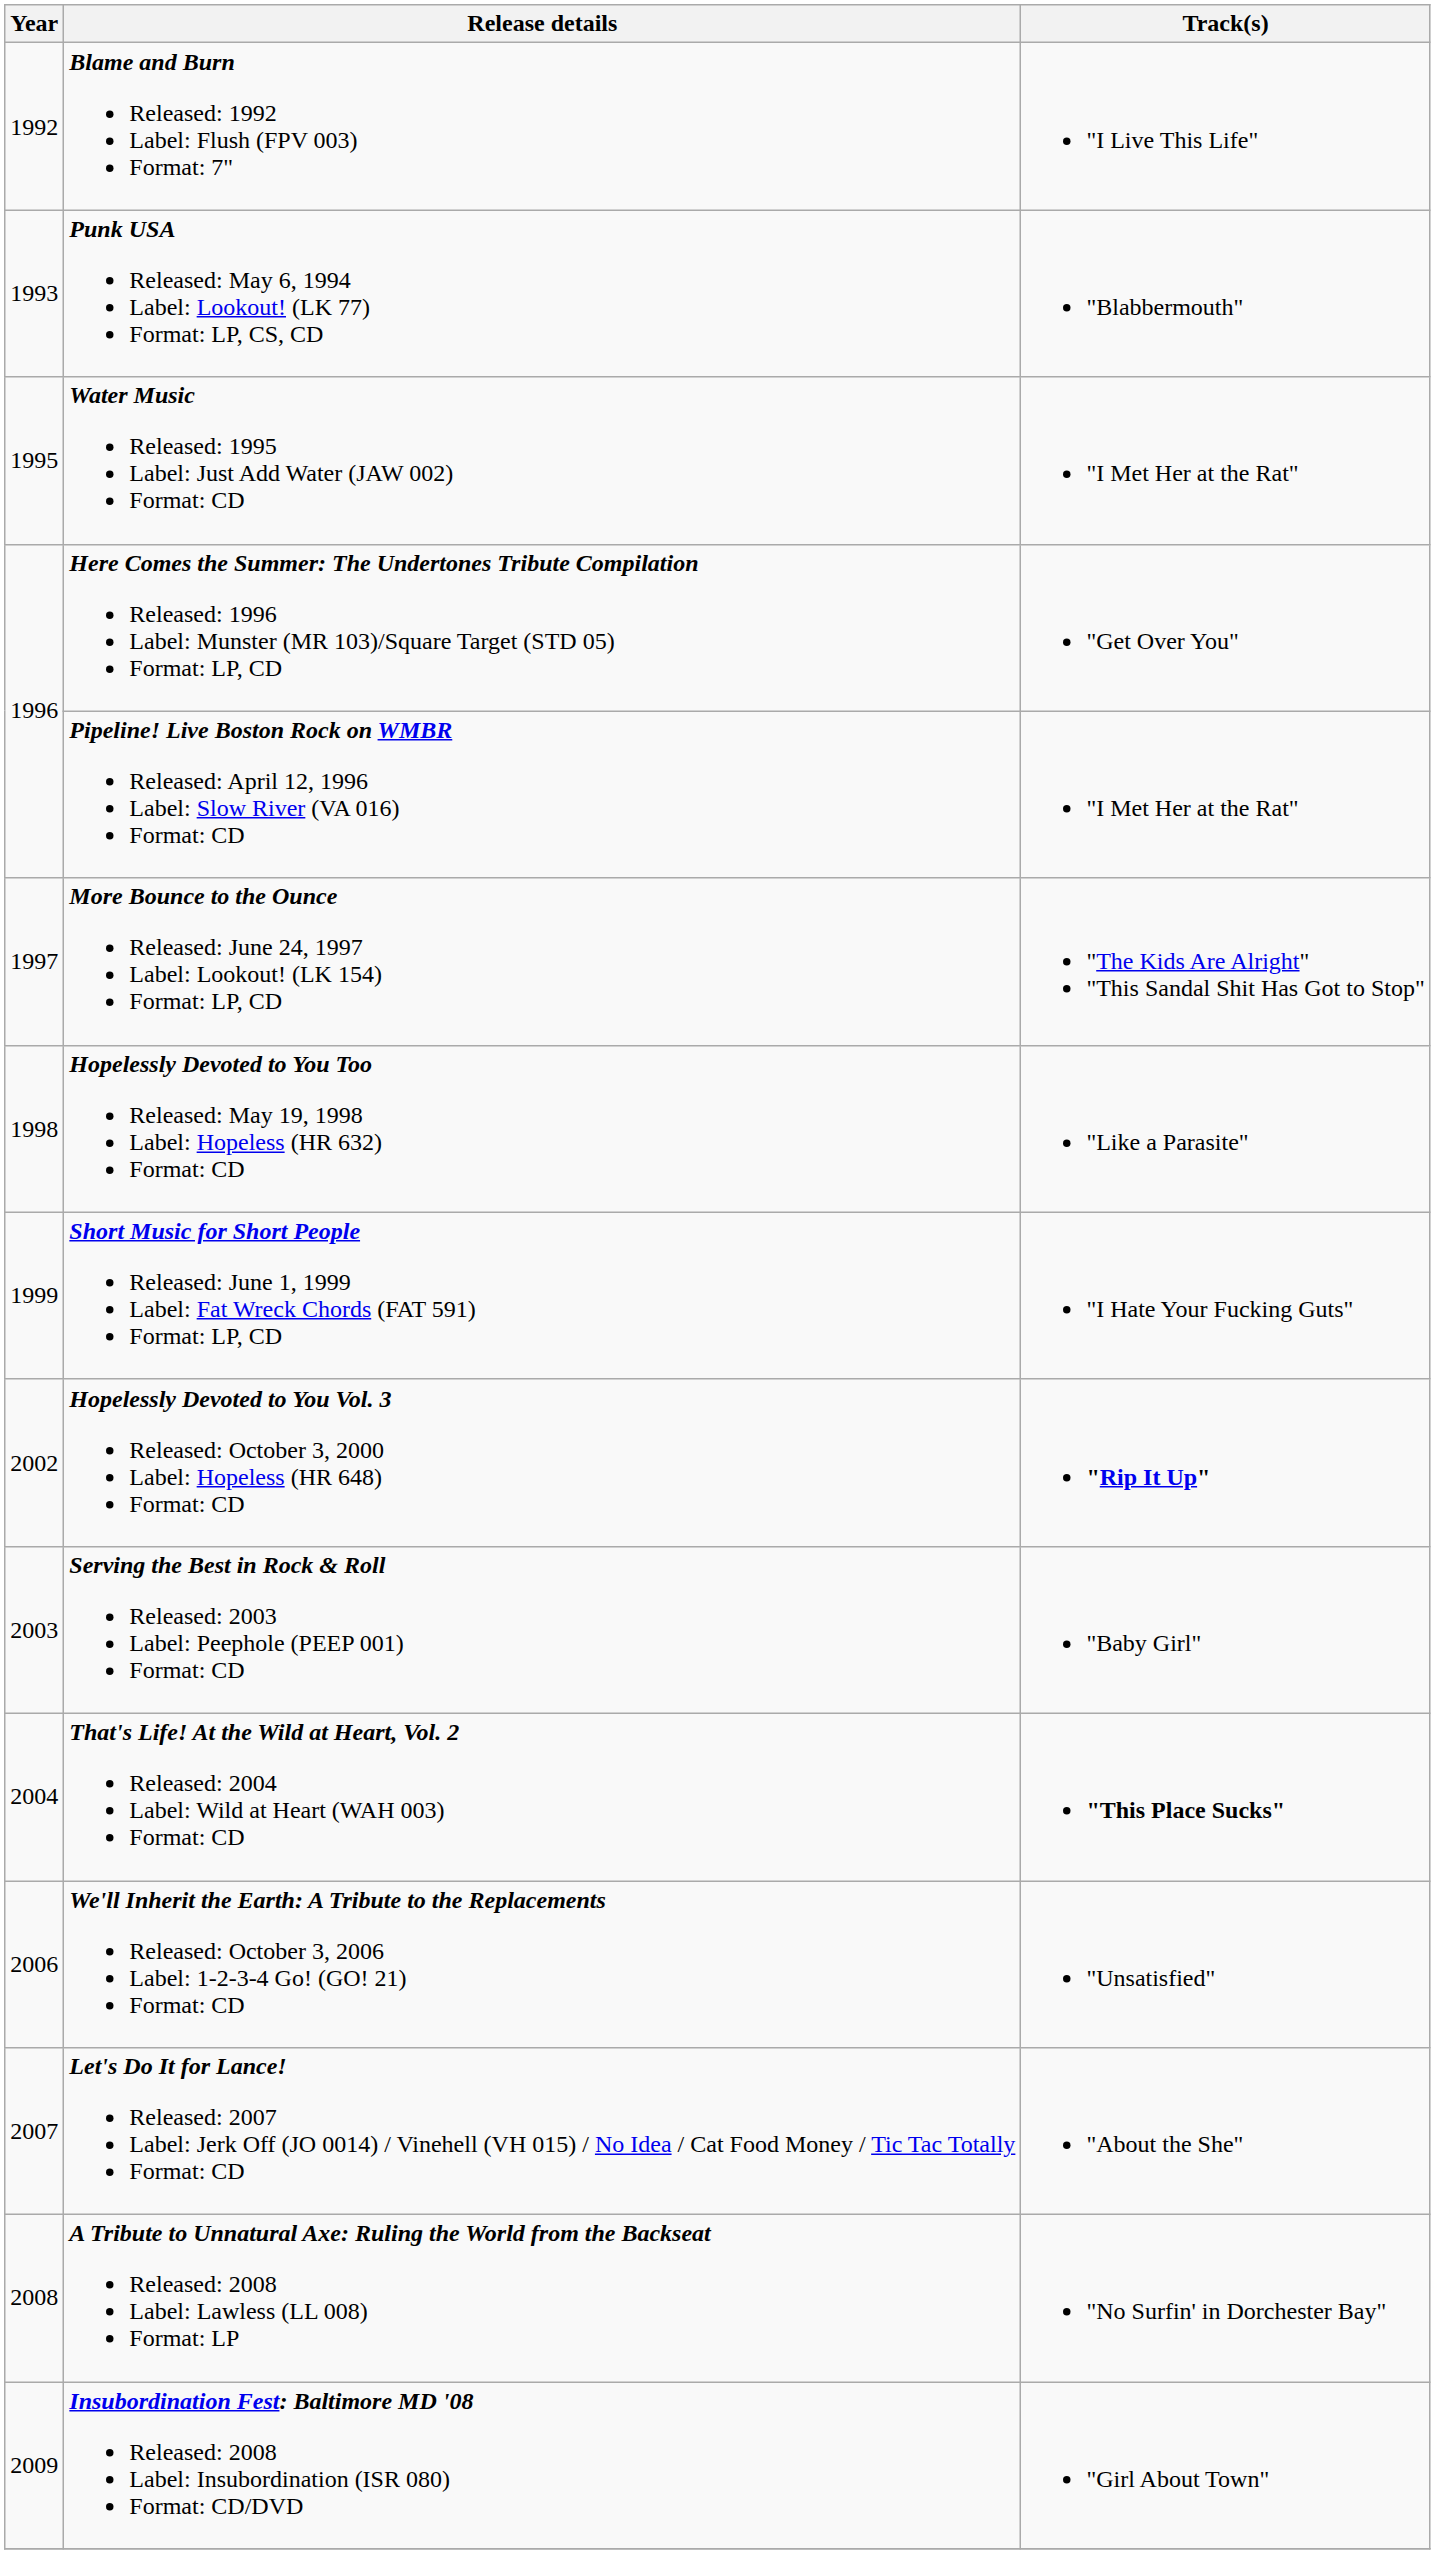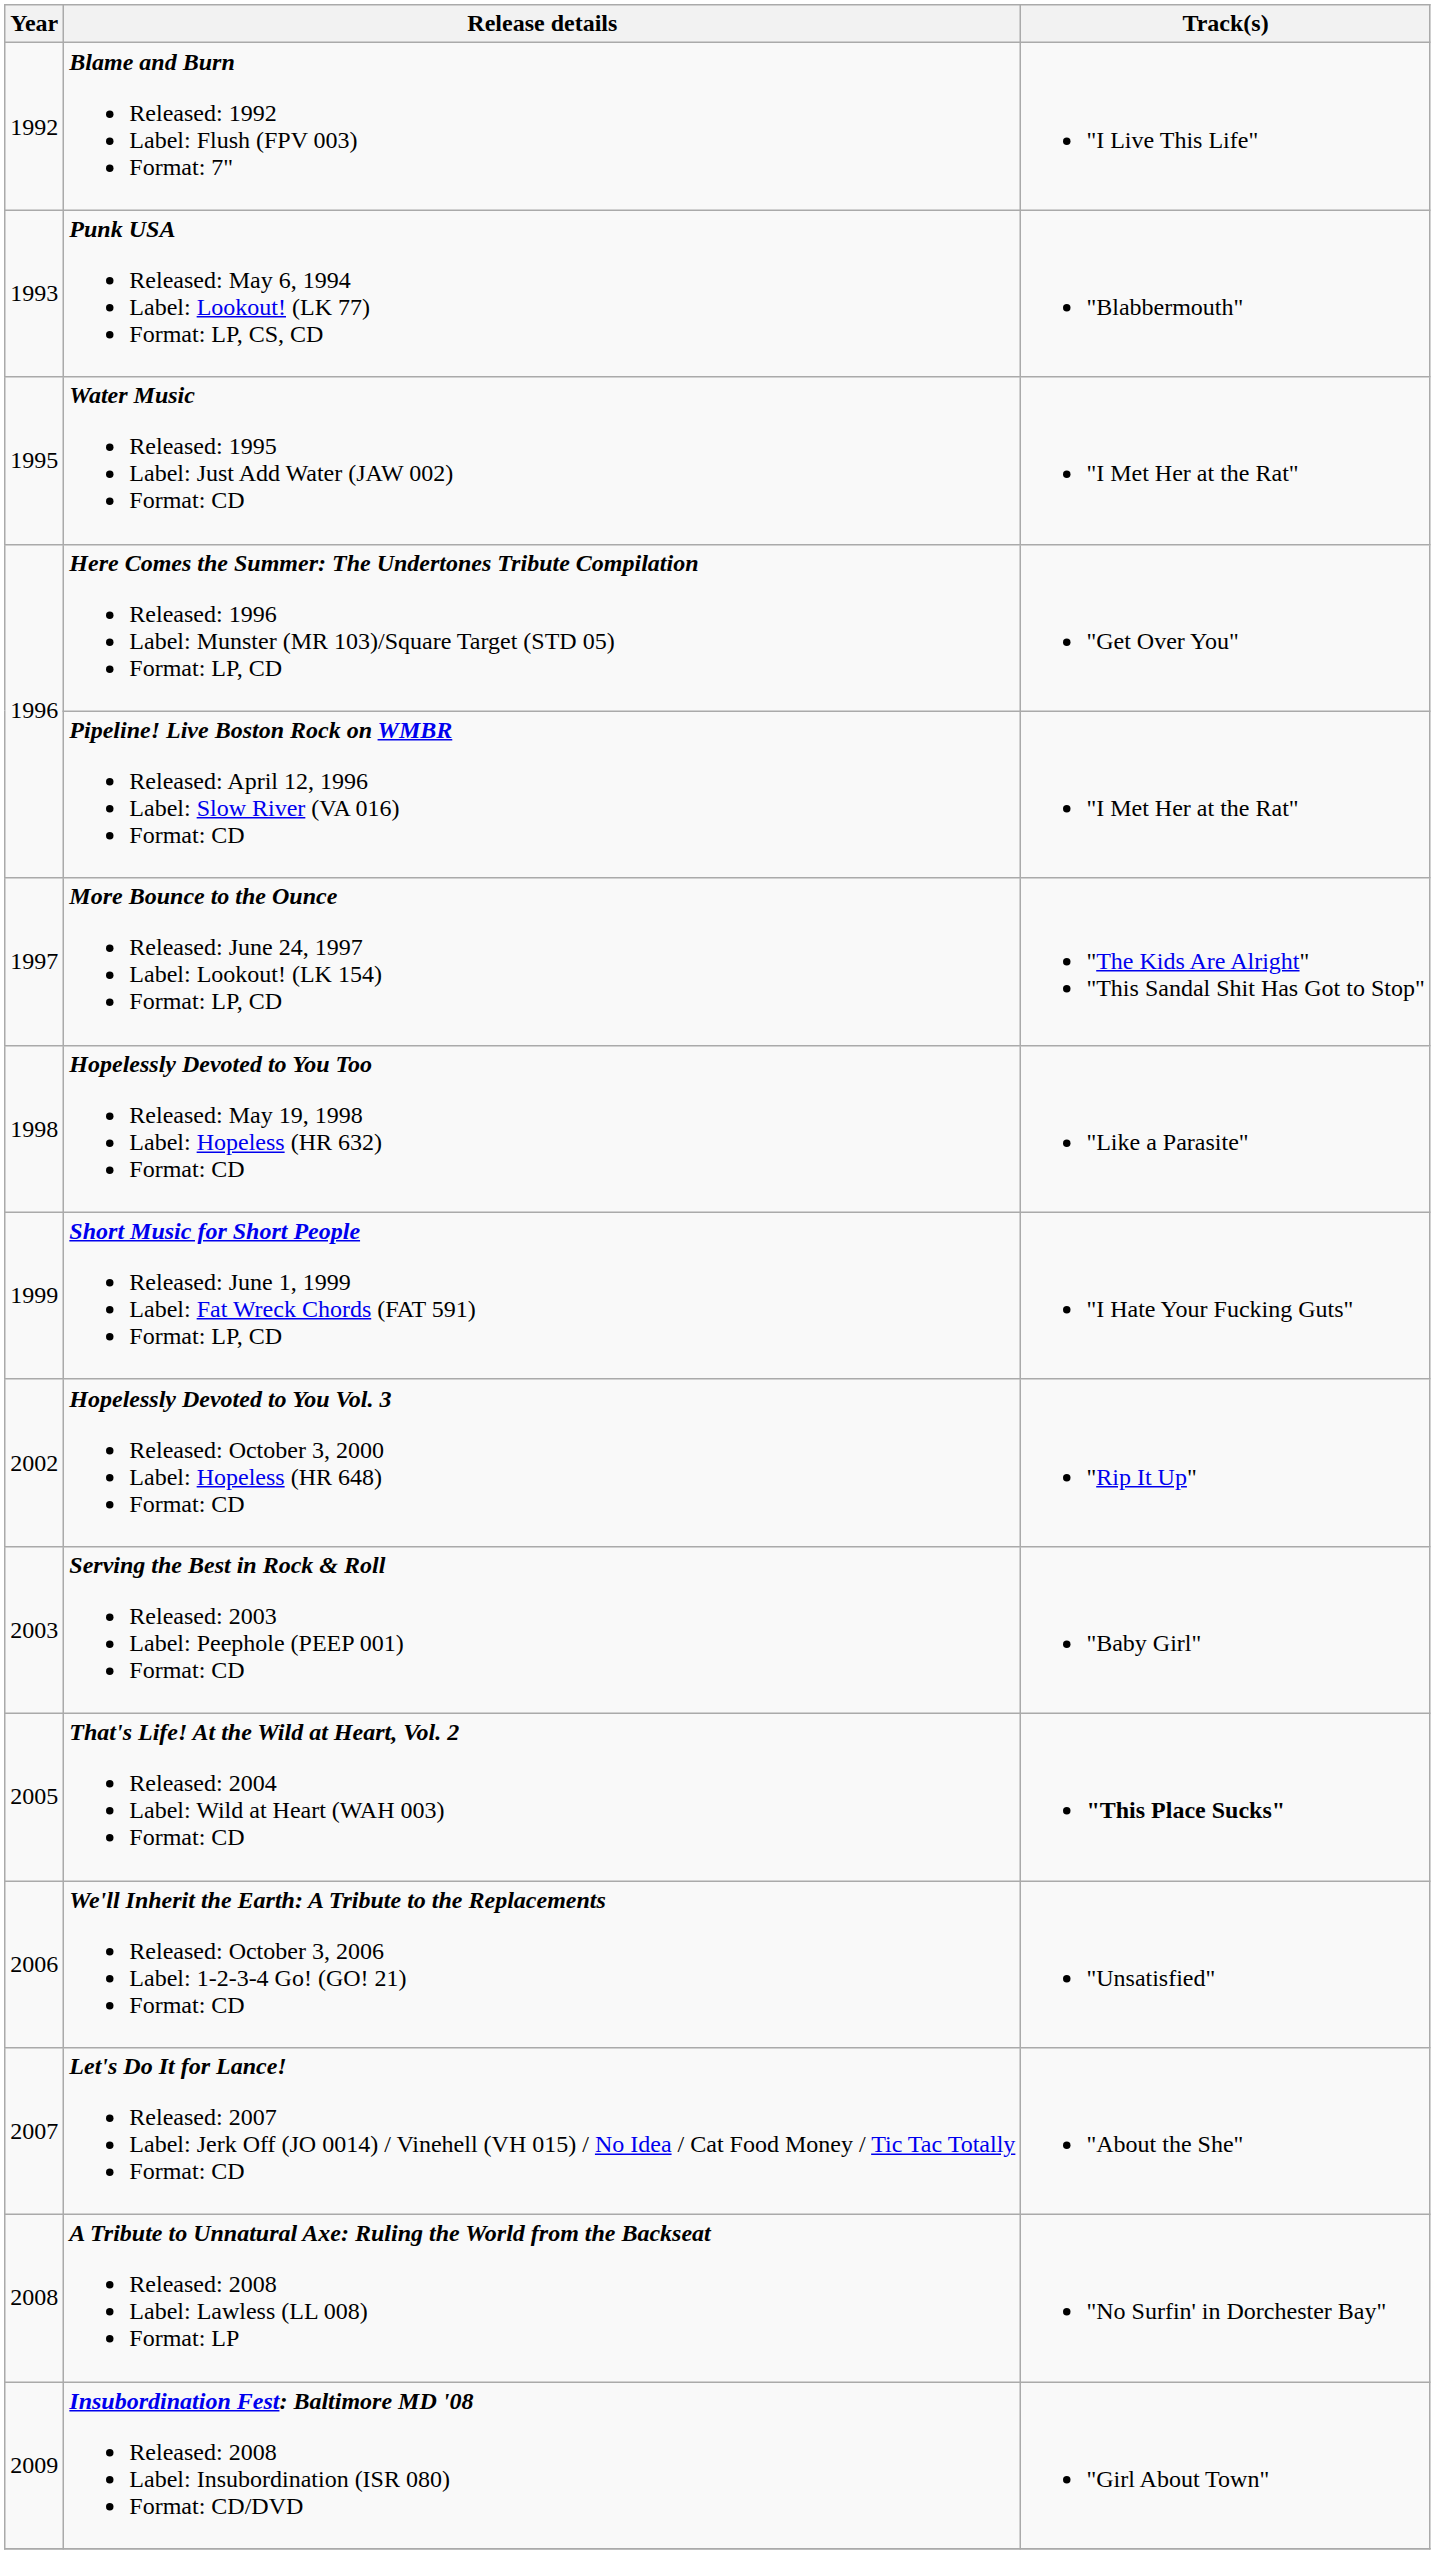 <table class ="wikitable">
 <tr>
 <th>Year</th>
 <th>Release details</th>
 <th>Track(s)</th>
 </tr>
 <tr>
 <td>1992</td>
 <td><strong><em>Blame and Burn</em></strong><br><ul><li>Released: 1992</li><li>Label: Flush (FPV 003)</li><li>Format: 7"</li></ul></td>
 <td><br><ul><li>"I Live This Life"</li></ul></td>
 </tr>
 <tr>
 <td>1993</td>
 <td><strong><em>Punk USA</em></strong><br><ul><li>Released: May 6, 1994</li><li>Label: <a href='#'>Lookout!</a> (LK 77)</li><li>Format: LP, CS, CD</li></ul></td>
 <td><br><ul><li>"Blabbermouth"</li></ul></td>
 </tr>
 <tr>
 <td>1995</td>
 <td><strong><em>Water Music</em></strong><br><ul><li>Released: 1995</li><li>Label: Just Add Water (JAW 002)</li><li>Format: CD</li></ul></td>
 <td><br><ul><li>"I Met Her at the Rat" </li></ul></td>
 </tr>
 <tr>
 <td rowspan="2">1996</td>
 <td><strong><em>Here Comes the Summer: The Undertones Tribute Compilation</em></strong><br><ul><li>Released: 1996</li><li>Label: Munster (MR 103)/Square Target (STD 05)</li><li>Format: LP, CD</li></ul></td>
 <td><br><ul><li>"Get Over You" </li></ul></td>
 </tr>
 <tr>
 <td><strong><em>Pipeline! Live Boston Rock on <a href='#'>WMBR</a></em></strong><br><ul><li>Released: April 12, 1996</li><li>Label: <a href='#'>Slow River</a> (VA 016)</li><li>Format: CD</li></ul></td>
 <td><br><ul><li>"I Met Her at the Rat" </li></ul></td>
 </tr>
 <tr>
 <td>1997</td>
 <td><strong><em>More Bounce to the Ounce</em></strong><br><ul><li>Released: June 24, 1997</li><li>Label: Lookout! (LK 154)</li><li>Format: LP, CD</li></ul></td>
 <td><br><ul><li>"<a href='#'>The Kids Are Alright</a>" </li><li>"This Sandal Shit Has Got to Stop"</li></ul></td>
 </tr>
 <tr>
 <td>1998</td>
 <td><strong><em>Hopelessly Devoted to You Too</em></strong><br><ul><li>Released: May 19, 1998</li><li>Label: <a href='#'>Hopeless</a> (HR 632)</li><li>Format: CD</li></ul></td>
 <td><br><ul><li>"Like a Parasite" </li></ul></td>
 </tr>
 <tr>
 <td>1999</td>
 <td><strong><em><a href='#'>Short Music for Short People</a></em></strong><br><ul><li>Released: June 1, 1999</li><li>Label: <a href='#'>Fat Wreck Chords</a> (FAT 591)</li><li>Format: LP, CD</li></ul></td>
 <td><br><ul><li>"I Hate Your Fucking Guts"</li></ul></td>
 </tr>
 <tr>
 <td>2002</td>
 <td><strong><em>Hopelessly Devoted to You Vol. 3</em></strong><br><ul><li>Released: October 3, 2000</li><li>Label: <a href='#'>Hopeless</a> (HR 648)</li><li>Format: CD</li></ul></td>
-<td><strong><br><ul><li>"<a href='#'>Rip It Up</a>" </li></ul></strong></td>
+<td><br><ul><li>"<a href='#'>Rip It Up</a>" </li></ul></td>
 </tr>
 <tr>
 <td>2003</td>
 <td><strong><em>Serving the Best in Rock & Roll</em></strong><br><ul><li>Released: 2003</li><li>Label: Peephole (PEEP 001)</li><li>Format: CD</li></ul></td>
 <td><br><ul><li>"Baby Girl"</li></ul></td>
 </tr>
 <tr>
-<td>2004</td>
+<td>2005</td>
 <td><strong><em>That's Life! At the Wild at Heart, Vol. 2</em></strong><br><ul><li>Released: 2004</li><li>Label: Wild at Heart (WAH 003)</li><li>Format: CD</li></ul></td>
 <td><strong><br><ul><li>"This Place Sucks" </li></ul></strong></td>
 </tr>
 <tr>
 <td>2006</td>
 <td><strong><em>We'll Inherit the Earth: A Tribute to the Replacements</em></strong><br><ul><li>Released: October 3, 2006</li><li>Label: 1-2-3-4 Go! (GO! 21)</li><li>Format: CD</li></ul></td>
 <td><br><ul><li>"Unsatisfied" </li></ul></td>
 </tr>
 <tr>
 <td>2007</td>
 <td><strong><em>Let's Do It for Lance!</em></strong><br><ul><li>Released: 2007</li><li>Label: Jerk Off (JO 0014) / Vinehell (VH 015) / <a href='#'>No Idea</a> / Cat Food Money / <a href='#'>Tic Tac Totally</a></li><li>Format: CD</li></ul></td>
 <td><br><ul><li>"About the She" </li></ul></td>
 </tr>
 <tr>
 <td>2008</td>
 <td><strong><em>A Tribute to Unnatural Axe: Ruling the World from the Backseat</em></strong><br><ul><li>Released: 2008</li><li>Label: Lawless (LL 008)</li><li>Format: LP</li></ul></td>
 <td><br><ul><li>"No Surfin' in Dorchester Bay" </li></ul></td>
 </tr>
 <tr>
 <td>2009</td>
 <td><strong><em><a href='#'>Insubordination Fest</a>: Baltimore MD '08</em></strong><br><ul><li>Released: 2008</li><li>Label: Insubordination (ISR 080)</li><li>Format: CD/DVD</li></ul></td>
 <td><br><ul><li>"Girl About Town" </li></ul></td>
 </tr>
 <tr>
 </tr>
 </table>
